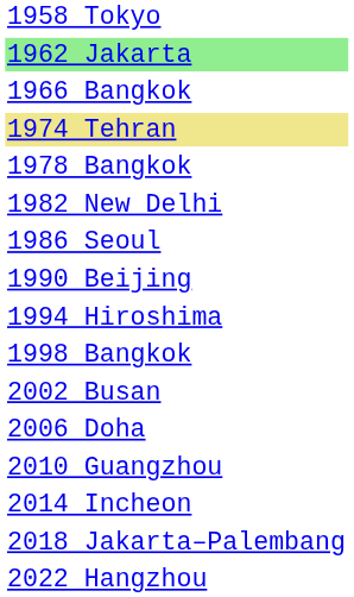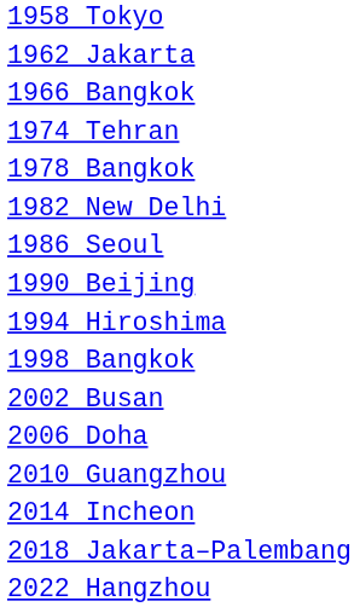 <table>
 <tr>
 <td rowspan=2><a href='#'>1958 Tokyo</a></td>
 <td rowspan=2></td>
 <td rowspan=2></td>
 <td></td>
 </tr>
 <tr>
 <td></td>
 </tr>
 <tr>
-<td style="background: lightgreen;"><a href='#'>1962 Jakarta</a></td>
+<td><a href='#'>1962 Jakarta</a></td>
 <td></td>
 <td></td>
 <td></td>
 </tr>
 <tr>
 <td rowspan=2><a href='#'>1966 Bangkok</a></td>
 <td rowspan=2></td>
 <td rowspan=2></td>
 <td></td>
 </tr>
 <tr>
 <td></td>
 </tr>
 <tr>
-<td style="background: khaki;"><a href='#'>1974 Tehran</a></td>
+<td><a href='#'>1974 Tehran</a></td>
 <td></td>
 <td></td>
 <td></td>
 </tr>
 <tr>
 <td rowspan=2><a href='#'>1978 Bangkok</a></td>
 <td rowspan=2></td>
 <td rowspan=2></td>
 <td></td>
 </tr>
 <tr>
 <td></td>
 </tr>
 <tr>
 <td rowspan=2><a href='#'>1982 New Delhi</a></td>
 <td rowspan=2></td>
 <td rowspan=2></td>
 <td></td>
 </tr>
 <tr>
 <td></td>
 </tr>
 <tr>
 <td rowspan=2><a href='#'>1986 Seoul</a></td>
 <td rowspan=2></td>
 <td rowspan=2></td>
 <td></td>
 </tr>
 <tr>
 <td></td>
 </tr>
 <tr>
 <td rowspan=2><a href='#'>1990 Beijing</a></td>
 <td rowspan=2></td>
 <td rowspan=2></td>
 <td></td>
 </tr>
 <tr>
 <td></td>
 </tr>
 <tr>
 <td rowspan=2><a href='#'>1994 Hiroshima</a></td>
 <td rowspan=2></td>
 <td rowspan=2></td>
 <td></td>
 </tr>
 <tr>
 <td></td>
 </tr>
 <tr>
 <td rowspan=2><a href='#'>1998 Bangkok</a></td>
 <td rowspan=2></td>
 <td rowspan=2></td>
 <td></td>
 </tr>
 <tr>
 <td></td>
 </tr>
 <tr>
 <td rowspan=2><a href='#'>2002 Busan</a></td>
 <td rowspan=2></td>
 <td rowspan=2></td>
 <td></td>
 </tr>
 <tr>
 <td></td>
 </tr>
 <tr>
 <td rowspan=2><a href='#'>2006 Doha</a></td>
 <td rowspan=2></td>
 <td rowspan=2></td>
 <td></td>
 </tr>
 <tr>
 <td></td>
 </tr>
 <tr>
 <td rowspan=2><a href='#'>2010 Guangzhou</a></td>
 <td rowspan=2></td>
 <td rowspan=2></td>
 <td></td>
 </tr>
 <tr>
 <td></td>
 </tr>
 <tr>
 <td rowspan=2><a href='#'>2014 Incheon</a></td>
 <td rowspan=2></td>
 <td rowspan=2></td>
 <td></td>
 </tr>
 <tr>
 <td></td>
 </tr>
 <tr>
 <td rowspan=2><a href='#'>2018 Jakarta–Palembang</a></td>
 <td rowspan=2></td>
 <td rowspan=2></td>
 <td></td>
 </tr>
 <tr>
 <td></td>
 </tr>
 <tr>
 <td rowspan=2><a href='#'>2022 Hangzhou</a></td>
 <td rowspan=2></td>
 <td rowspan=2></td>
 <td></td>
 </tr>
 <tr>
 <td></td>
 </tr>
 </table>
